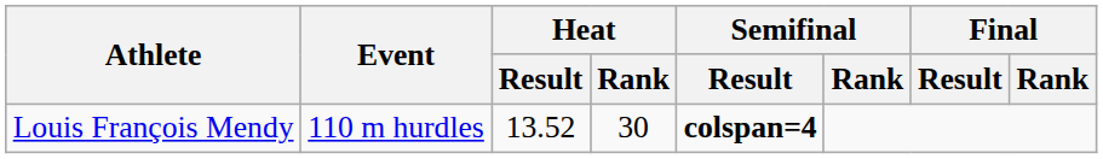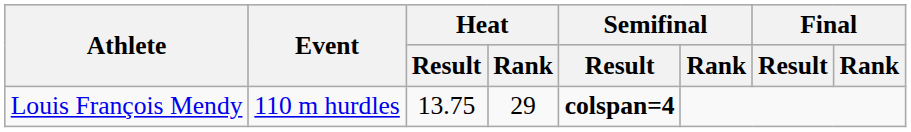 <table class="wikitable">
 <tr>
 <th rowspan="2">Athlete</th>
 <th rowspan="2">Event</th>
 <th colspan="2">Heat</th>
 <th colspan="2">Semifinal</th>
 <th colspan="2">Final</th>
 </tr>
 <tr>
 <th>Result</th>
 <th>Rank</th>
 <th>Result</th>
 <th>Rank</th>
 <th>Result</th>
 <th>Rank</th>
 </tr>
 <tr style=text-align:center>
 <td style=text-align:left><a href='#'>Louis François Mendy</a></td>
 <td style=text-align:left><a href='#'>110 m hurdles</a></td>
-<td>13.52</td>
-<td>30</td>
+<td>13.75</td>
+<td>29</td>
 <td><strong>colspan=4 </strong></td>
 </tr>
 </table>
